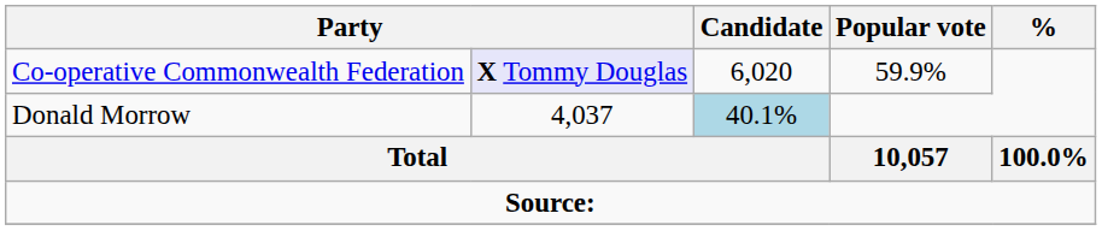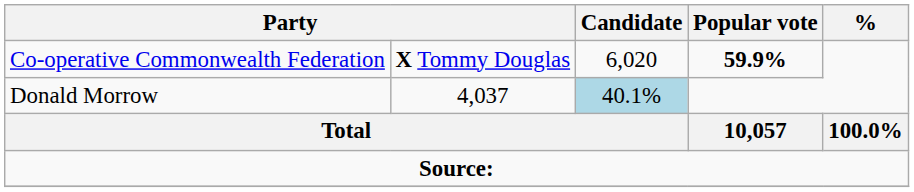 <table class="wikitable">
 <tr>
 <th colspan="2">Party</th>
 <th>Candidate</th>
 <th>Popular vote</th>
 <th>%</th>
 </tr>
 <tr>
 <td><a href='#'>Co-operative Commonwealth Federation</a></td>
-<td style="background: lavender;"> <strong>X</strong> <a href='#'>Tommy Douglas</a></td>
+<td> <strong>X</strong> <a href='#'>Tommy Douglas</a></td>
 <td align=center>6,020</td>
-<td align=center>59.9%</td>
+<td align=center><strong>59.9%</strong></td>
 </tr>
 <tr>
 <td>Donald Morrow</td>
 <td align=center>4,037</td>
 <td align=center style="background: lightblue;">40.1%</td>
 </tr>
 <tr>
 <th colspan=3>Total</th>
 <th>10,057</th>
 <th>100.0%</th>
 </tr>
 <tr>
 <td align="center" colspan=5><strong>Source:</strong> </td>
 </tr>
 <tr>
 </tr>
 </table>
